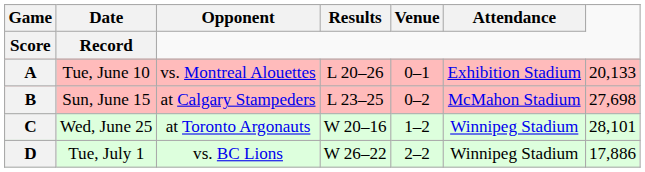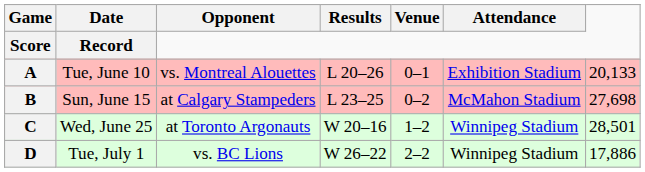 <table class="wikitable" style="text-align:center">
 <tr>
 <th>Game</th>
 <th>Date</th>
 <th>Opponent</th>
 <th>Results</th>
 <th>Venue</th>
 <th>Attendance</th>
 </tr>
 <tr>
 <th>Score</th>
 <th>Record</th>
 </tr>
 <tr style="background:#ffbbbb">
 <th>A</th>
 <td>Tue, June 10</td>
 <td>vs. <a href='#'>Montreal Alouettes</a></td>
 <td>L 20–26</td>
 <td>0–1</td>
 <td><a href='#'>Exhibition Stadium</a></td>
 <td>20,133</td>
 </tr>
 <tr style="background:#ffbbbb">
 <th>B</th>
 <td>Sun, June 15</td>
 <td>at <a href='#'>Calgary Stampeders</a></td>
 <td>L 23–25</td>
 <td>0–2</td>
 <td><a href='#'>McMahon Stadium</a></td>
 <td>27,698</td>
 </tr>
 <tr style="background:#ddffdd">
 <th>C</th>
 <td>Wed, June 25</td>
 <td>at <a href='#'>Toronto Argonauts</a></td>
 <td>W 20–16</td>
 <td>1–2</td>
 <td><a href='#'>Winnipeg Stadium</a></td>
-<td>28,101</td>
+<td>28,501</td>
 </tr>
 <tr style="background:#ddffdd">
 <th>D</th>
 <td>Tue, July 1</td>
 <td>vs. <a href='#'>BC Lions</a></td>
 <td>W 26–22</td>
 <td>2–2</td>
 <td>Winnipeg Stadium</td>
 <td>17,886</td>
 </tr>
 </table>
